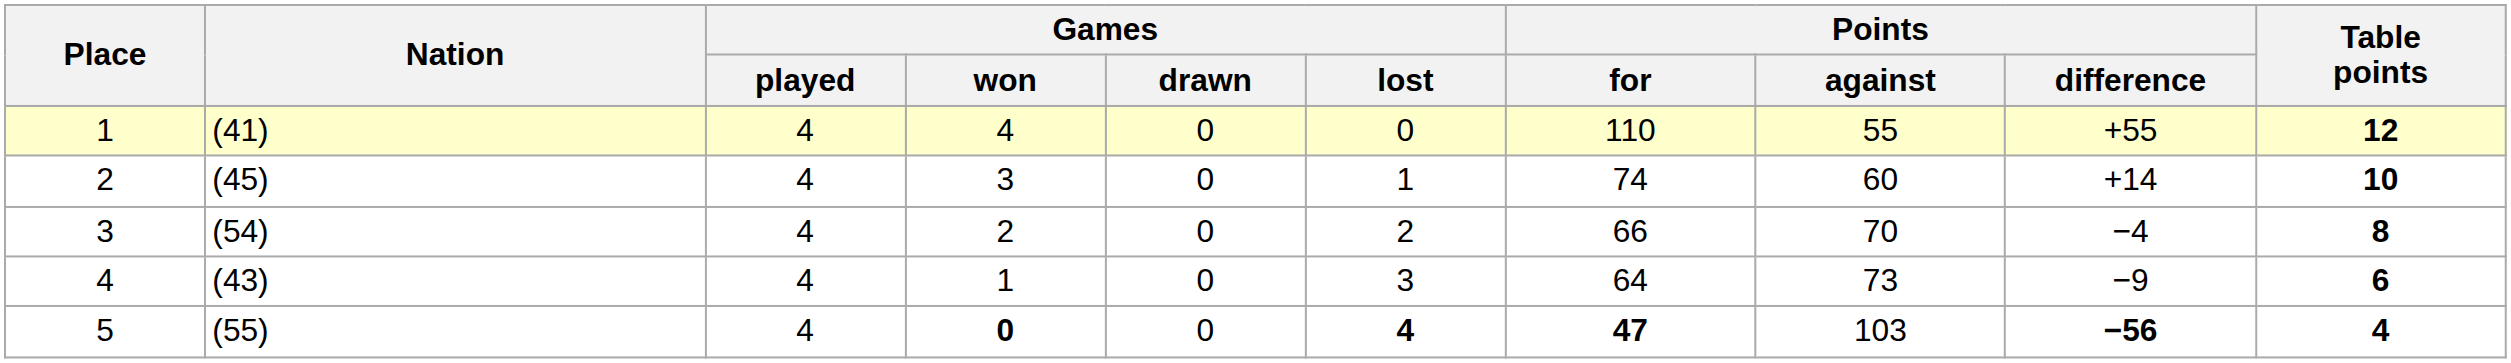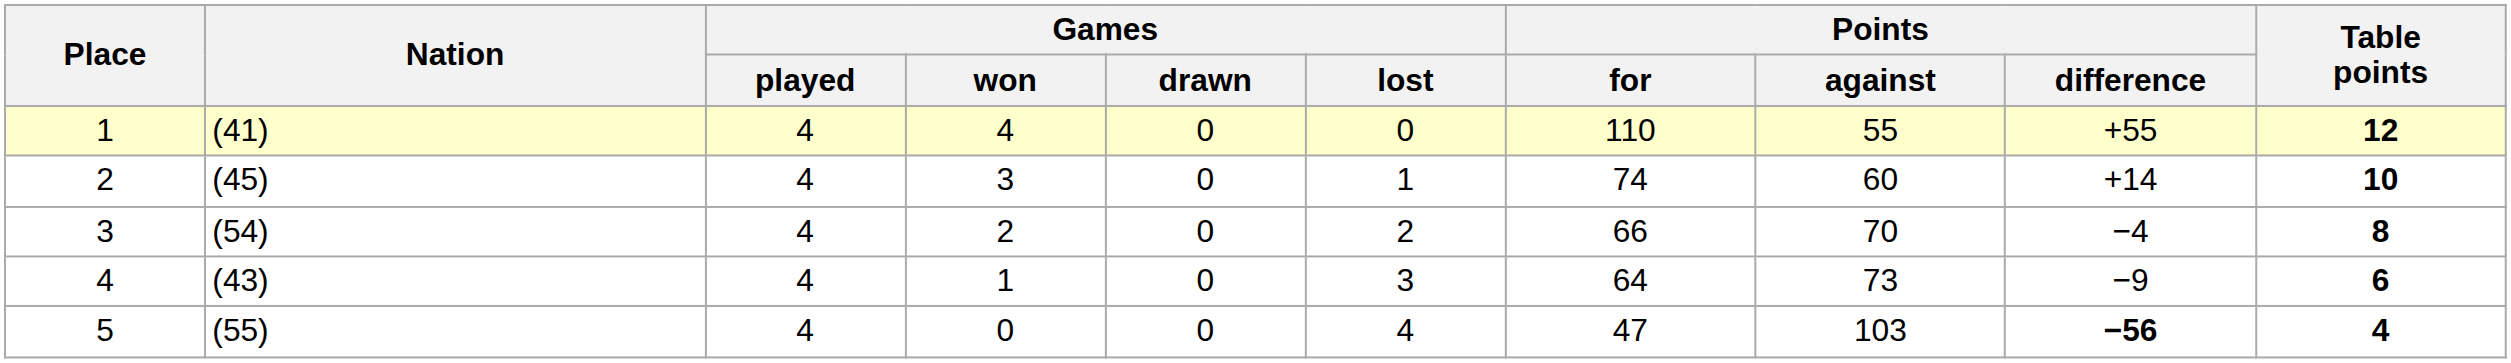 <table class="wikitable" width="100%">
 <tr>
 <th rowspan=2 width="8%">Place</th>
 <th rowspan=2 width="20%">Nation</th>
 <th colspan=4 width="32%">Games</th>
 <th colspan=3 width="30%">Points</th>
 <th rowspan=2 width="10%">Table<br>points</th>
 </tr>
 <tr>
 <th width="8%">played</th>
 <th width="8%">won</th>
 <th width="8%">drawn</th>
 <th width="8%">lost</th>
 <th width="10%">for</th>
 <th width="10%">against</th>
 <th width="10%">difference</th>
 </tr>
 <tr>
 </tr>
 <tr bgcolor=#ffffcc  align=center>
 <td>1</td>
 <td align=left> (41)</td>
 <td>4</td>
 <td>4</td>
 <td>0</td>
 <td>0</td>
 <td>110</td>
 <td>55</td>
 <td>+55</td>
 <td><strong>12</strong></td>
 </tr>
 <tr bgcolor=#ffffff align=center>
 <td>2</td>
 <td align=left> (45)</td>
 <td>4</td>
 <td>3</td>
 <td>0</td>
 <td>1</td>
 <td>74</td>
 <td>60</td>
 <td>+14</td>
 <td><strong>10</strong></td>
 </tr>
 <tr bgcolor=#ffffff align=center>
 <td>3</td>
 <td align=left> (54)</td>
 <td>4</td>
 <td>2</td>
 <td>0</td>
 <td>2</td>
 <td>66</td>
 <td>70</td>
 <td>−4</td>
 <td><strong>8</strong></td>
 </tr>
 <tr bgcolor=#ffffff align=center>
 <td>4</td>
 <td align=left> (43)</td>
 <td>4</td>
 <td>1</td>
 <td>0</td>
 <td>3</td>
 <td>64</td>
 <td>73</td>
 <td>−9</td>
 <td><strong>6</strong></td>
 </tr>
 <tr bgcolor=#ffffff align=center>
 <td>5</td>
 <td align=left> (55)</td>
 <td>4</td>
-<td><strong>0</strong></td>
 <td>0</td>
-<td><strong>4</strong></td>
-<td><strong>47</strong></td>
+<td>0</td>
+<td>4</td>
+<td>47</td>
 <td>103</td>
 <td><strong>−56</strong></td>
 <td><strong>4</strong></td>
 </tr>
 </table>
